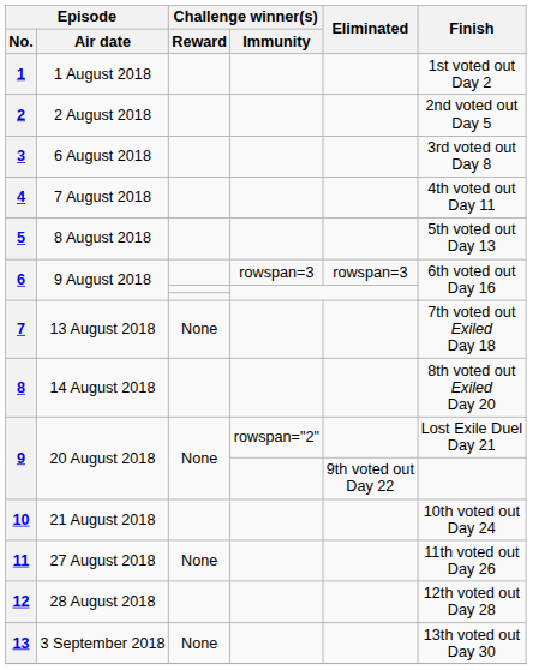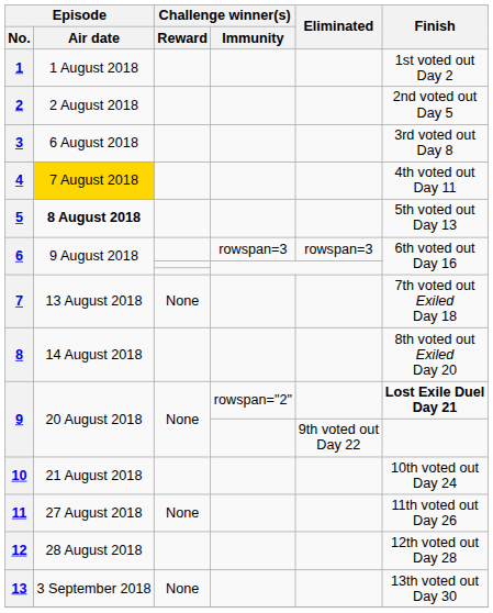 <table class="wikitable nowrap" style="text-align:center; font-size:100%">
 <tr>
 <th colspan="2">Episode</th>
 <th colspan="2">Challenge winner(s)</th>
 <th rowspan="2">Eliminated</th>
 <th rowspan="2">Finish</th>
 </tr>
 <tr>
 <th>No.</th>
 <th>Air date</th>
 <th>Reward</th>
 <th>Immunity</th>
 </tr>
 <tr>
 <th><a href='#'>1</a></th>
 <td>1 August 2018</td>
 <td> </td>
 <td></td>
 <td></td>
 <td>1st voted out<br>Day 2</td>
 </tr>
 <tr>
 <th><a href='#'>2</a></th>
 <td>2 August 2018</td>
 <td></td>
 <td></td>
 <td></td>
 <td>2nd voted out<br>Day 5</td>
 </tr>
 <tr>
 <th><a href='#'>3</a></th>
 <td>6 August 2018</td>
 <td></td>
 <td></td>
 <td></td>
 <td>3rd voted out<br>Day 8</td>
 </tr>
 <tr>
 <th><a href='#'>4</a></th>
-<td>7 August 2018</td>
+<td style="background: gold;">7 August 2018</td>
 <td></td>
 <td></td>
 <td></td>
 <td>4th voted out<br>Day 11</td>
 </tr>
 <tr>
 <th><a href='#'>5</a></th>
-<td>8 August 2018</td>
+<td><strong>8 August 2018</strong></td>
 <td></td>
 <td></td>
 <td></td>
 <td>5th voted out<br>Day 13</td>
 </tr>
 <tr>
 <th rowspan=3><a href='#'>6</a></th>
 <td rowspan=3>9 August 2018</td>
 <td></td>
 <td>rowspan=3 </td>
 <td>rowspan=3 </td>
 <td rowspan=3>6th voted out<br>Day 16</td>
 </tr>
 <tr>
 <td> </td>
 </tr>
 <tr>
 <td> </td>
 </tr>
 <tr>
 <th><a href='#'>7</a></th>
 <td>13 August 2018</td>
 <td>None</td>
 <td></td>
 <td></td>
 <td>7th voted out<br><em>Exiled</em><br>Day 18</td>
 </tr>
 <tr>
 <th><a href='#'>8</a></th>
 <td>14 August 2018</td>
 <td></td>
 <td></td>
 <td></td>
 <td>8th voted out<br><em>Exiled</em><br>Day 20</td>
 </tr>
 <tr>
 <th rowspan="2"><a href='#'>9</a></th>
 <td rowspan="2">20 August 2018</td>
 <td rowspan="2">None</td>
 <td>rowspan="2" </td>
 <td></td>
-<td>Lost Exile Duel<br>Day 21</td>
+<td><strong>Lost Exile Duel<br>Day 21</strong></td>
 </tr>
 <tr>
 <td></td>
 <td>9th voted out<br>Day 22</td>
 </tr>
 <tr>
 <th><a href='#'>10</a></th>
 <td>21 August 2018</td>
 <td></td>
 <td></td>
 <td></td>
 <td>10th voted out<br>Day 24</td>
 </tr>
 <tr>
 <th><a href='#'>11</a></th>
 <td>27 August 2018</td>
 <td>None</td>
 <td></td>
 <td></td>
 <td>11th voted out<br>Day 26</td>
 </tr>
 <tr>
 <th><a href='#'>12</a></th>
 <td>28 August 2018</td>
 <td></td>
 <td></td>
 <td></td>
 <td>12th  voted out<br>Day 28</td>
 </tr>
 <tr>
 <th><a href='#'>13</a></th>
 <td>3 September 2018</td>
 <td>None</td>
 <td></td>
 <td></td>
 <td>13th voted out<br>Day 30</td>
 </tr>
 <tr>
 </tr>
 </table>
